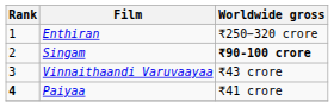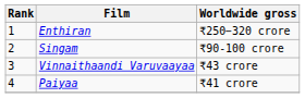 <table class="wikitable sortable" style="margin:auto; margin:auto">
 <tr>
 <th>Rank</th>
 <th>Film</th>
 <th>Worldwide gross</th>
 </tr>
 <tr>
 <td>1</td>
 <td><em><a href='#'>Enthiran</a></em></td>
 <td>₹250−320 crore</td>
 </tr>
 <tr>
 <td>2</td>
 <td><em><a href='#'>Singam</a></em></td>
-<td><strong>₹90-100 crore</strong></td>
+<td>₹90-100 crore</td>
 </tr>
 <tr>
 <td>3</td>
 <td><em><a href='#'>Vinnaithaandi Varuvaayaa</a></em></td>
 <td>₹43 crore</td>
 </tr>
 <tr>
-<td><strong>4</strong></td>
+<td>4</td>
 <td><em><a href='#'>Paiyaa</a></em></td>
 <td>₹41 crore</td>
 </tr>
 <tr>
 </tr>
 </table>
